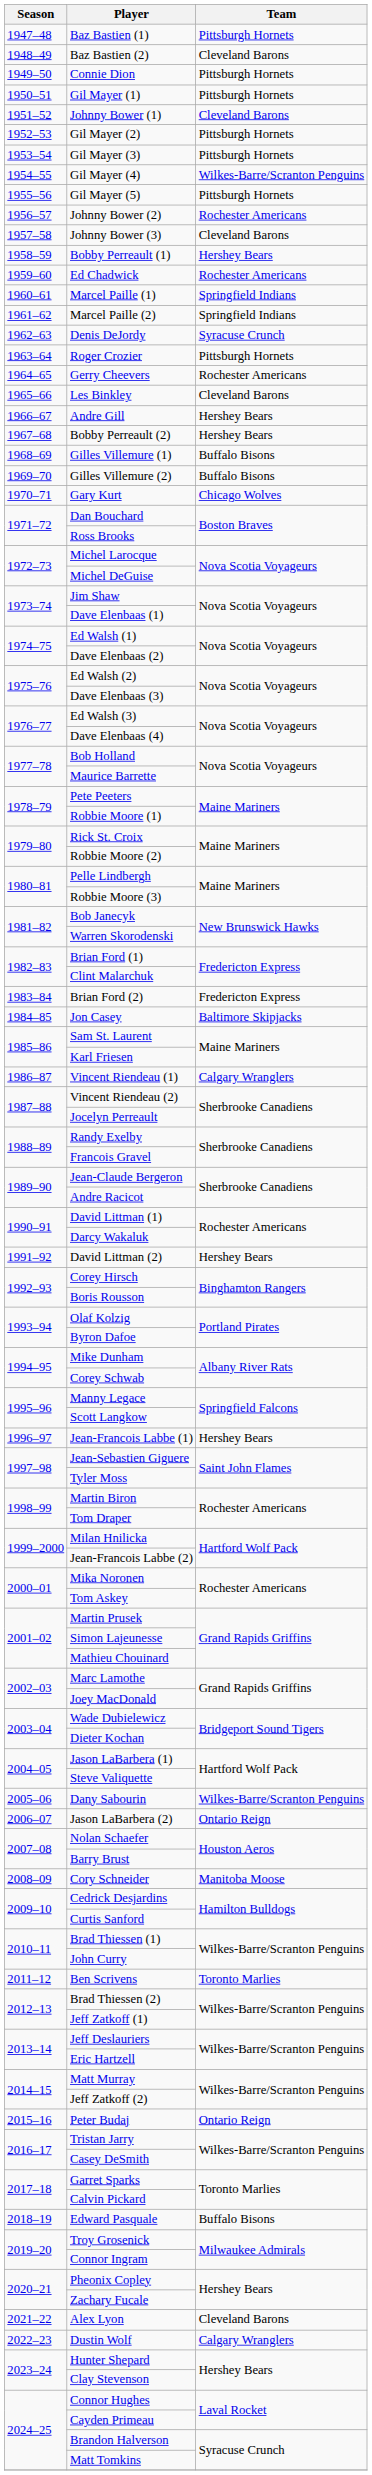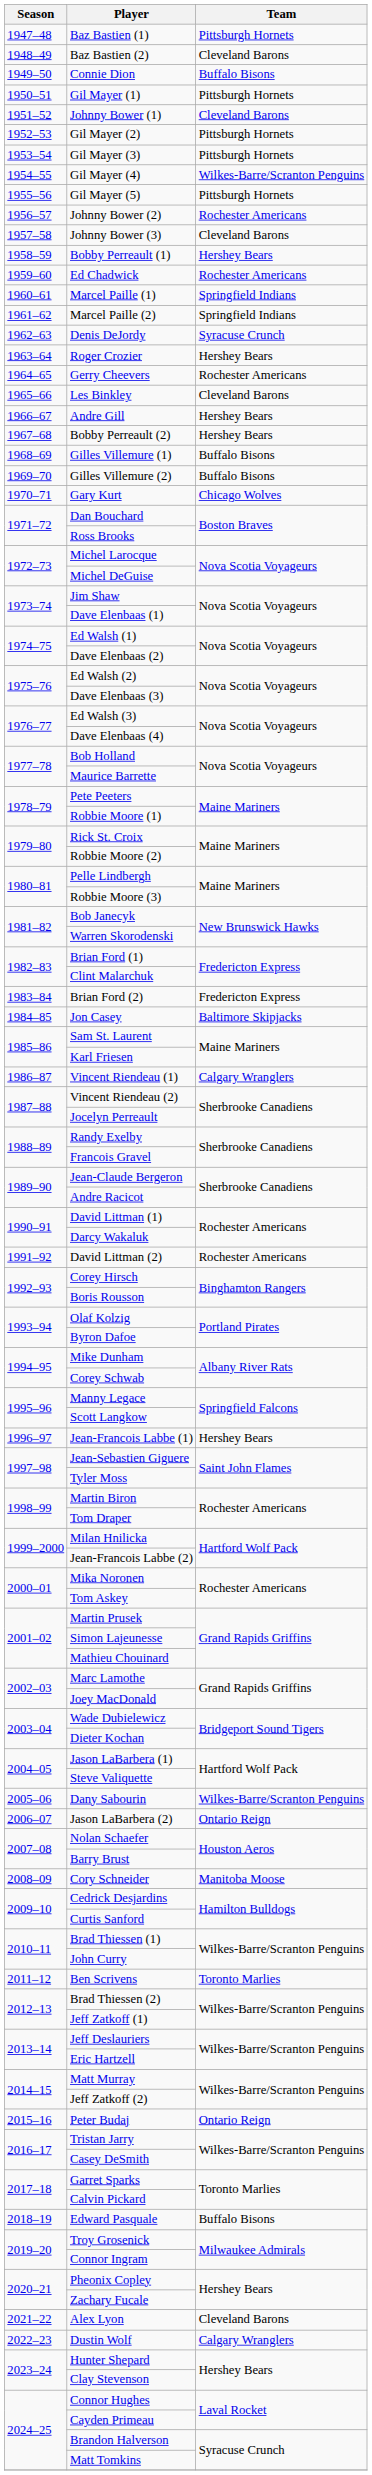 <table class="wikitable sortable">
 <tr>
 <th>Season</th>
 <th>Player</th>
 <th>Team</th>
 </tr>
 <tr>
 <td><a href='#'>1947–48</a></td>
 <td><a href='#'>Baz Bastien</a> (1)</td>
 <td><a href='#'>Pittsburgh Hornets</a></td>
 </tr>
 <tr>
 <td><a href='#'>1948–49</a></td>
 <td>Baz Bastien (2)</td>
 <td>Cleveland Barons</td>
 </tr>
 <tr>
 <td><a href='#'>1949–50</a></td>
 <td><a href='#'>Connie Dion</a></td>
-<td>Pittsburgh Hornets</td>
+<td><a href='#'>Buffalo Bisons</a></td>
 </tr>
 <tr>
 <td><a href='#'>1950–51</a></td>
 <td><a href='#'>Gil Mayer</a> (1)</td>
 <td>Pittsburgh Hornets</td>
 </tr>
 <tr>
 <td><a href='#'>1951–52</a></td>
 <td><a href='#'>Johnny Bower</a> (1)</td>
 <td><a href='#'>Cleveland Barons</a></td>
 </tr>
 <tr>
 <td><a href='#'>1952–53</a></td>
 <td>Gil Mayer (2)</td>
 <td>Pittsburgh Hornets</td>
 </tr>
 <tr>
 <td><a href='#'>1953–54</a></td>
 <td>Gil Mayer (3)</td>
 <td>Pittsburgh Hornets</td>
 </tr>
 <tr>
 <td><a href='#'>1954–55</a></td>
 <td>Gil Mayer (4)</td>
 <td><a href='#'>Wilkes-Barre/Scranton Penguins</a></td>
 </tr>
 <tr>
 <td><a href='#'>1955–56</a></td>
 <td>Gil Mayer (5)</td>
 <td>Pittsburgh Hornets</td>
 </tr>
 <tr>
 <td><a href='#'>1956–57</a></td>
 <td>Johnny Bower (2)</td>
 <td><a href='#'>Rochester Americans</a></td>
 </tr>
 <tr>
 <td><a href='#'>1957–58</a></td>
 <td>Johnny Bower (3)</td>
 <td>Cleveland Barons</td>
 </tr>
 <tr>
 <td><a href='#'>1958–59</a></td>
 <td><a href='#'>Bobby Perreault</a> (1)</td>
 <td><a href='#'>Hershey Bears</a></td>
 </tr>
 <tr>
 <td><a href='#'>1959–60</a></td>
 <td><a href='#'>Ed Chadwick</a></td>
 <td><a href='#'>Rochester Americans</a></td>
 </tr>
 <tr>
 <td><a href='#'>1960–61</a></td>
 <td><a href='#'>Marcel Paille</a> (1)</td>
 <td><a href='#'>Springfield Indians</a></td>
 </tr>
 <tr>
 <td><a href='#'>1961–62</a></td>
 <td>Marcel Paille (2)</td>
 <td>Springfield Indians</td>
 </tr>
 <tr>
 <td><a href='#'>1962–63</a></td>
 <td><a href='#'>Denis DeJordy</a></td>
 <td><a href='#'>Syracuse Crunch</a></td>
 </tr>
 <tr>
 <td><a href='#'>1963–64</a></td>
 <td><a href='#'>Roger Crozier</a></td>
-<td>Pittsburgh Hornets</td>
+<td>Hershey Bears</td>
 </tr>
 <tr>
 <td><a href='#'>1964–65</a></td>
 <td><a href='#'>Gerry Cheevers</a></td>
 <td>Rochester Americans</td>
 </tr>
 <tr>
 <td><a href='#'>1965–66</a></td>
 <td><a href='#'>Les Binkley</a></td>
 <td>Cleveland Barons</td>
 </tr>
 <tr>
 <td><a href='#'>1966–67</a></td>
 <td><a href='#'>Andre Gill</a></td>
 <td>Hershey Bears</td>
 </tr>
 <tr>
 <td><a href='#'>1967–68</a></td>
 <td>Bobby Perreault (2)</td>
 <td>Hershey Bears</td>
 </tr>
 <tr>
 <td><a href='#'>1968–69</a></td>
 <td><a href='#'>Gilles Villemure</a> (1)</td>
 <td>Buffalo Bisons</td>
 </tr>
 <tr>
 <td><a href='#'>1969–70</a></td>
 <td>Gilles Villemure (2)</td>
 <td>Buffalo Bisons</td>
 </tr>
 <tr>
 <td><a href='#'>1970–71</a></td>
 <td><a href='#'>Gary Kurt</a></td>
 <td><a href='#'>Chicago Wolves</a></td>
 </tr>
 <tr>
 <td rowspan=2><a href='#'>1971–72</a></td>
 <td><a href='#'>Dan Bouchard</a></td>
 <td rowspan=2><a href='#'>Boston Braves</a></td>
 </tr>
 <tr>
 <td><a href='#'>Ross Brooks</a></td>
 </tr>
 <tr>
 <td rowspan=2><a href='#'>1972–73</a></td>
 <td><a href='#'>Michel Larocque</a></td>
 <td rowspan=2><a href='#'>Nova Scotia Voyageurs</a></td>
 </tr>
 <tr>
 <td><a href='#'>Michel DeGuise</a></td>
 </tr>
 <tr>
 <td rowspan=2><a href='#'>1973–74</a></td>
 <td><a href='#'>Jim Shaw</a></td>
 <td rowspan=2>Nova Scotia Voyageurs</td>
 </tr>
 <tr>
 <td><a href='#'>Dave Elenbaas</a> (1)</td>
 </tr>
 <tr>
 <td rowspan=2><a href='#'>1974–75</a></td>
 <td><a href='#'>Ed Walsh</a> (1)</td>
 <td rowspan=2>Nova Scotia Voyageurs</td>
 </tr>
 <tr>
 <td>Dave Elenbaas (2)</td>
 </tr>
 <tr>
 <td rowspan=2><a href='#'>1975–76</a></td>
 <td>Ed Walsh (2)</td>
 <td rowspan=2>Nova Scotia Voyageurs</td>
 </tr>
 <tr>
 <td>Dave Elenbaas (3)</td>
 </tr>
 <tr>
 <td rowspan=2><a href='#'>1976–77</a></td>
 <td>Ed Walsh (3)</td>
 <td rowspan=2>Nova Scotia Voyageurs</td>
 </tr>
 <tr>
 <td>Dave Elenbaas (4)</td>
 </tr>
 <tr>
 <td rowspan=2><a href='#'>1977–78</a></td>
 <td><a href='#'>Bob Holland</a></td>
 <td rowspan=2>Nova Scotia Voyageurs</td>
 </tr>
 <tr>
 <td><a href='#'>Maurice Barrette</a></td>
 </tr>
 <tr>
 <td rowspan=2><a href='#'>1978–79</a></td>
 <td><a href='#'>Pete Peeters</a></td>
 <td rowspan=2><a href='#'>Maine Mariners</a></td>
 </tr>
 <tr>
 <td><a href='#'>Robbie Moore</a> (1)</td>
 </tr>
 <tr>
 <td rowspan=2><a href='#'>1979–80</a></td>
 <td><a href='#'>Rick St. Croix</a></td>
 <td rowspan=2>Maine Mariners</td>
 </tr>
 <tr>
 <td>Robbie Moore (2)</td>
 </tr>
 <tr>
 <td rowspan=2><a href='#'>1980–81</a></td>
 <td><a href='#'>Pelle Lindbergh</a></td>
 <td rowspan=2>Maine Mariners</td>
 </tr>
 <tr>
 <td>Robbie Moore (3)</td>
 </tr>
 <tr>
 <td rowspan=2><a href='#'>1981–82</a></td>
 <td><a href='#'>Bob Janecyk</a></td>
 <td rowspan=2><a href='#'>New Brunswick Hawks</a></td>
 </tr>
 <tr>
 <td><a href='#'>Warren Skorodenski</a></td>
 </tr>
 <tr>
 <td rowspan=2><a href='#'>1982–83</a></td>
 <td><a href='#'>Brian Ford</a> (1)</td>
 <td rowspan=2><a href='#'>Fredericton Express</a></td>
 </tr>
 <tr>
 <td><a href='#'>Clint Malarchuk</a></td>
 </tr>
 <tr>
 <td><a href='#'>1983–84</a></td>
 <td>Brian Ford (2)</td>
 <td>Fredericton Express</td>
 </tr>
 <tr>
 <td><a href='#'>1984–85</a></td>
 <td><a href='#'>Jon Casey</a></td>
 <td><a href='#'>Baltimore Skipjacks</a></td>
 </tr>
 <tr>
 <td rowspan=2><a href='#'>1985–86</a></td>
 <td><a href='#'>Sam St. Laurent</a></td>
 <td rowspan=2>Maine Mariners</td>
 </tr>
 <tr>
 <td><a href='#'>Karl Friesen</a></td>
 </tr>
 <tr>
 <td><a href='#'>1986–87</a></td>
 <td><a href='#'>Vincent Riendeau</a> (1)</td>
 <td><a href='#'>Calgary Wranglers</a></td>
 </tr>
 <tr>
 <td rowspan=2><a href='#'>1987–88</a></td>
 <td>Vincent Riendeau (2)</td>
 <td rowspan=2>Sherbrooke Canadiens</td>
 </tr>
 <tr>
 <td><a href='#'>Jocelyn Perreault</a></td>
 </tr>
 <tr>
 <td rowspan=2><a href='#'>1988–89</a></td>
 <td><a href='#'>Randy Exelby</a></td>
 <td rowspan=2>Sherbrooke Canadiens</td>
 </tr>
 <tr>
 <td><a href='#'> Francois Gravel</a></td>
 </tr>
 <tr>
 <td rowspan=2><a href='#'>1989–90</a></td>
 <td><a href='#'>Jean-Claude Bergeron</a></td>
 <td rowspan=2>Sherbrooke Canadiens</td>
 </tr>
 <tr>
 <td><a href='#'>Andre Racicot</a></td>
 </tr>
 <tr>
 <td rowspan=2><a href='#'>1990–91</a></td>
 <td><a href='#'>David Littman</a> (1)</td>
 <td rowspan=2>Rochester Americans</td>
 </tr>
 <tr>
 <td><a href='#'>Darcy Wakaluk</a></td>
 </tr>
 <tr>
 <td><a href='#'>1991–92</a></td>
 <td>David Littman (2)</td>
-<td>Hershey Bears</td>
+<td>Rochester Americans</td>
 </tr>
 <tr>
 <td rowspan=2><a href='#'>1992–93</a></td>
 <td><a href='#'>Corey Hirsch</a></td>
 <td rowspan=2><a href='#'>Binghamton Rangers</a></td>
 </tr>
 <tr>
 <td><a href='#'>Boris Rousson</a></td>
 </tr>
 <tr>
 <td rowspan=2><a href='#'>1993–94</a></td>
 <td><a href='#'>Olaf Kolzig</a></td>
 <td rowspan=2><a href='#'>Portland Pirates</a></td>
 </tr>
 <tr>
 <td><a href='#'>Byron Dafoe</a></td>
 </tr>
 <tr>
 <td rowspan=2><a href='#'>1994–95</a></td>
 <td><a href='#'>Mike Dunham</a></td>
 <td rowspan=2><a href='#'>Albany River Rats</a></td>
 </tr>
 <tr>
 <td><a href='#'>Corey Schwab</a></td>
 </tr>
 <tr>
 <td rowspan=2><a href='#'>1995–96</a></td>
 <td><a href='#'>Manny Legace</a></td>
 <td rowspan=2><a href='#'>Springfield Falcons</a></td>
 </tr>
 <tr>
 <td><a href='#'>Scott Langkow</a></td>
 </tr>
 <tr>
 <td><a href='#'>1996–97</a></td>
 <td><a href='#'>Jean-Francois Labbe</a> (1)</td>
 <td>Hershey Bears</td>
 </tr>
 <tr>
 <td rowspan=2><a href='#'>1997–98</a></td>
 <td><a href='#'>Jean-Sebastien Giguere</a></td>
 <td rowspan=2><a href='#'>Saint John Flames</a></td>
 </tr>
 <tr>
 <td><a href='#'>Tyler Moss</a></td>
 </tr>
 <tr>
 <td rowspan=2><a href='#'>1998–99</a></td>
 <td><a href='#'>Martin Biron</a></td>
 <td rowspan=2>Rochester Americans</td>
 </tr>
 <tr>
 <td><a href='#'>Tom Draper</a></td>
 </tr>
 <tr>
 <td rowspan=2><a href='#'>1999–2000</a></td>
 <td><a href='#'>Milan Hnilicka</a></td>
 <td rowspan=2><a href='#'>Hartford Wolf Pack</a></td>
 </tr>
 <tr>
 <td>Jean-Francois Labbe (2)</td>
 </tr>
 <tr>
 <td rowspan=2><a href='#'>2000–01</a></td>
 <td><a href='#'>Mika Noronen</a></td>
 <td rowspan=2>Rochester Americans</td>
 </tr>
 <tr>
 <td><a href='#'>Tom Askey</a></td>
 </tr>
 <tr>
 <td rowspan=3><a href='#'>2001–02</a></td>
 <td><a href='#'>Martin Prusek</a></td>
 <td rowspan=3><a href='#'>Grand Rapids Griffins</a></td>
 </tr>
 <tr>
 <td><a href='#'>Simon Lajeunesse</a></td>
 </tr>
 <tr>
 <td><a href='#'>Mathieu Chouinard</a></td>
 </tr>
 <tr>
 <td rowspan=2><a href='#'>2002–03</a></td>
 <td><a href='#'>Marc Lamothe</a></td>
 <td rowspan=2>Grand Rapids Griffins</td>
 </tr>
 <tr>
 <td><a href='#'>Joey MacDonald</a></td>
 </tr>
 <tr>
 <td rowspan=2><a href='#'>2003–04</a></td>
 <td><a href='#'>Wade Dubielewicz</a></td>
 <td rowspan=2><a href='#'>Bridgeport Sound Tigers</a></td>
 </tr>
 <tr>
 <td><a href='#'>Dieter Kochan</a></td>
 </tr>
 <tr>
 <td rowspan=2><a href='#'>2004–05</a></td>
 <td><a href='#'>Jason LaBarbera</a> (1)</td>
 <td rowspan=2>Hartford Wolf Pack</td>
 </tr>
 <tr>
 <td><a href='#'>Steve Valiquette</a></td>
 </tr>
 <tr>
 <td><a href='#'>2005–06</a></td>
 <td><a href='#'>Dany Sabourin</a></td>
 <td><a href='#'>Wilkes-Barre/Scranton Penguins</a></td>
 </tr>
 <tr>
 <td><a href='#'>2006–07</a></td>
 <td>Jason LaBarbera (2)</td>
 <td><a href='#'>Ontario Reign</a></td>
 </tr>
 <tr>
 <td rowspan=2><a href='#'>2007–08</a></td>
 <td><a href='#'>Nolan Schaefer</a></td>
 <td rowspan=2><a href='#'>Houston Aeros</a></td>
 </tr>
 <tr>
 <td><a href='#'>Barry Brust</a></td>
 </tr>
 <tr>
 <td><a href='#'>2008–09</a></td>
 <td><a href='#'>Cory Schneider</a></td>
 <td><a href='#'>Manitoba Moose</a></td>
 </tr>
 <tr>
 <td rowspan=2><a href='#'>2009–10</a></td>
 <td><a href='#'>Cedrick Desjardins</a></td>
 <td rowspan=2><a href='#'>Hamilton Bulldogs</a></td>
 </tr>
 <tr>
 <td><a href='#'>Curtis Sanford</a></td>
 </tr>
 <tr>
 <td rowspan=2><a href='#'>2010–11</a></td>
 <td><a href='#'>Brad Thiessen</a> (1)</td>
 <td rowspan=2>Wilkes-Barre/Scranton Penguins</td>
 </tr>
 <tr>
 <td><a href='#'>John Curry</a></td>
 </tr>
 <tr>
 <td><a href='#'>2011–12</a></td>
 <td><a href='#'>Ben Scrivens</a></td>
 <td><a href='#'>Toronto Marlies</a></td>
 </tr>
 <tr>
 <td rowspan=2><a href='#'>2012–13</a></td>
 <td>Brad Thiessen (2)</td>
 <td rowspan=2>Wilkes-Barre/Scranton Penguins</td>
 </tr>
 <tr>
 <td><a href='#'>Jeff Zatkoff</a> (1)</td>
 </tr>
 <tr>
 <td rowspan=2><a href='#'>2013–14</a></td>
 <td><a href='#'>Jeff Deslauriers</a></td>
 <td rowspan=2>Wilkes-Barre/Scranton Penguins</td>
 </tr>
 <tr>
 <td><a href='#'>Eric Hartzell</a></td>
 </tr>
 <tr>
 <td rowspan=2><a href='#'>2014–15</a></td>
 <td><a href='#'>Matt Murray</a></td>
 <td rowspan=2>Wilkes-Barre/Scranton Penguins</td>
 </tr>
 <tr>
 <td>Jeff Zatkoff (2)</td>
 </tr>
 <tr>
 <td><a href='#'>2015–16</a></td>
 <td><a href='#'>Peter Budaj</a></td>
 <td><a href='#'>Ontario Reign</a></td>
 </tr>
 <tr>
 <td rowspan=2><a href='#'>2016–17</a></td>
 <td><a href='#'>Tristan Jarry</a></td>
 <td rowspan=2>Wilkes-Barre/Scranton Penguins</td>
 </tr>
 <tr>
 <td><a href='#'>Casey DeSmith</a></td>
 </tr>
 <tr>
 <td rowspan=2><a href='#'>2017–18</a></td>
 <td><a href='#'>Garret Sparks</a></td>
 <td rowspan=2>Toronto Marlies</td>
 </tr>
 <tr>
 <td><a href='#'>Calvin Pickard</a></td>
 </tr>
 <tr>
 <td><a href='#'>2018–19</a></td>
 <td><a href='#'>Edward Pasquale</a></td>
 <td>Buffalo Bisons</td>
 </tr>
 <tr>
 <td rowspan=2><a href='#'>2019–20</a></td>
 <td><a href='#'>Troy Grosenick</a></td>
 <td rowspan=2><a href='#'>Milwaukee Admirals</a></td>
 </tr>
 <tr>
 <td><a href='#'>Connor Ingram</a></td>
 </tr>
 <tr>
 <td rowspan=2><a href='#'>2020–21</a></td>
 <td><a href='#'>Pheonix Copley</a></td>
 <td rowspan=2>Hershey Bears</td>
 </tr>
 <tr>
 <td><a href='#'>Zachary Fucale</a></td>
 </tr>
 <tr>
 <td><a href='#'>2021–22</a></td>
 <td><a href='#'>Alex Lyon</a></td>
 <td>Cleveland Barons</td>
 </tr>
 <tr>
 <td><a href='#'>2022–23</a></td>
 <td><a href='#'>Dustin Wolf</a></td>
 <td><a href='#'>Calgary Wranglers</a></td>
 </tr>
 <tr>
 <td rowspan=2><a href='#'>2023–24</a></td>
 <td><a href='#'>Hunter Shepard</a></td>
 <td rowspan=2>Hershey Bears</td>
 </tr>
 <tr>
 <td><a href='#'>Clay Stevenson</a></td>
 </tr>
 <tr>
 <td rowspan=4><a href='#'>2024–25</a></td>
 <td><a href='#'>Connor Hughes</a></td>
 <td rowspan=2><a href='#'>Laval Rocket</a></td>
 </tr>
 <tr>
 <td><a href='#'>Cayden Primeau</a></td>
 </tr>
 <tr>
 <td><a href='#'>Brandon Halverson</a></td>
 <td rowspan=2>Syracuse Crunch</td>
 </tr>
 <tr>
 <td><a href='#'>Matt Tomkins</a></td>
 </tr>
 <tr>
 </tr>
 </table>
